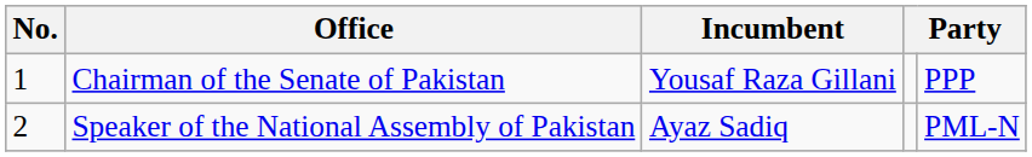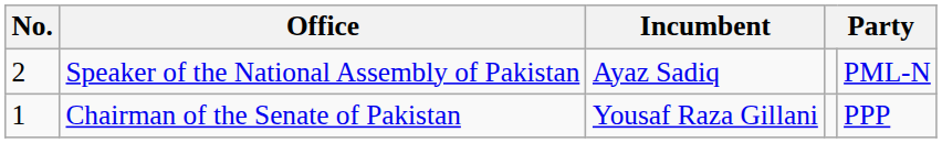 <table class=wikitable>
 <tr>
 <th><abbr>No.</abbr></th>
 <th>Office</th>
 <th>Incumbent</th>
 <th colspan=2>Party</th>
 </tr>
 <tr>
+<td>2</td>
+<td><a href='#'>Speaker of the National Assembly of Pakistan</a></td>
+<td><a href='#'>Ayaz Sadiq</a></td>
+<td style="background:"></td>
+<td><a href='#'>PML-N</a></td>
+</tr>
+<tr>
 <td>1</td>
 <td><a href='#'>Chairman of the Senate of Pakistan</a></td>
 <td><a href='#'>Yousaf Raza Gillani</a></td>
 <td style="background:"></td>
 <td><a href='#'>PPP</a></td>
 </tr>
-<tr>
-<td>2</td>
-<td><a href='#'>Speaker of the National Assembly of Pakistan</a></td>
-<td><a href='#'>Ayaz Sadiq</a></td>
-<td style="background:"></td>
-<td><a href='#'>PML-N</a></td>
-</tr>
 </table>
